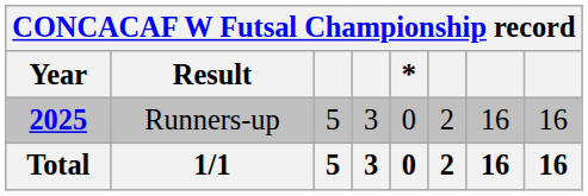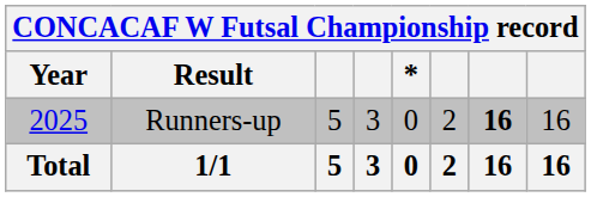 <table class="wikitable" style="text-align: center;">
 <tr>
 <th colspan="8"><a href='#'>CONCACAF W Futsal Championship</a> record</th>
 </tr>
 <tr>
 <th>Year</th>
 <th>Result</th>
 <th></th>
 <th></th>
 <th>*</th>
 <th></th>
 <th></th>
 <th></th>
 </tr>
 <tr bgcolor=silver>
-<td><strong> <a href='#'>2025</a></strong></td>
+<td> <a href='#'>2025</a></td>
 <td>Runners-up</td>
 <td>5</td>
 <td>3</td>
 <td>0</td>
 <td>2</td>
-<td>16</td>
+<td><strong>16</strong></td>
 <td>16</td>
 </tr>
 <tr>
 <th>Total</th>
 <th>1/1</th>
 <th>5</th>
 <th>3</th>
 <th>0</th>
 <th>2</th>
 <th>16</th>
 <th>16</th>
 </tr>
 </table>
